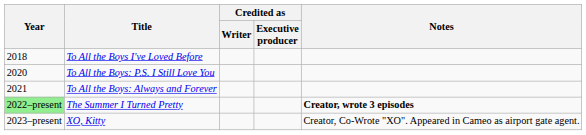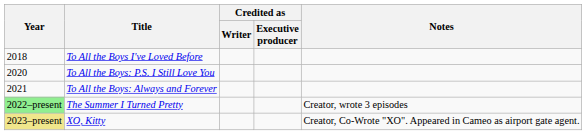 <table class="wikitable">
 <tr>
 <th rowspan="2">Year</th>
 <th rowspan="2">Title</th>
 <th colspan="2">Credited as</th>
 <th rowspan="2">Notes</th>
 </tr>
 <tr>
 <th>Writer</th>
 <th>Executive<br>producer</th>
 </tr>
 <tr>
 <td>2018</td>
 <td><em><a href='#'>To All the Boys I've Loved Before</a></em></td>
 <td></td>
 <td></td>
 <td></td>
 </tr>
 <tr>
 <td>2020</td>
 <td><em><a href='#'>To All the Boys: P.S. I Still Love You</a></em></td>
 <td></td>
 <td></td>
 <td></td>
 </tr>
 <tr>
 <td>2021</td>
 <td><em><a href='#'>To All the Boys: Always and Forever</a></em></td>
 <td></td>
 <td></td>
 <td></td>
 </tr>
 <tr>
 <td style="background: lightgreen;">2022–present</td>
 <td><a href='#'><em>The Summer I Turned Pretty</em></a></td>
 <td></td>
 <td></td>
-<td><strong>Creator, wrote 3 episodes</strong></td>
+<td>Creator, wrote 3 episodes</td>
 </tr>
 <tr>
-<td>2023–present</td>
+<td style="background: khaki;">2023–present</td>
 <td><em><a href='#'>XO, Kitty</a></em></td>
 <td></td>
 <td></td>
 <td>Creator, Co-Wrote "XO". Appeared in Cameo as airport gate agent.</td>
 </tr>
 </table>
